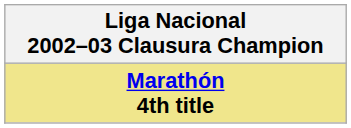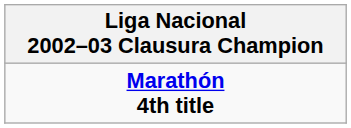 <table class="wikitable" style="text-align: center; margin: 0 auto; width: 20%">
 <tr>
 <th>Liga Nacional<br>2002–03 Clausura Champion</th>
 </tr>
 <tr>
-<td style="background: khaki;"><strong><a href='#'>Marathón</a></strong><br><strong>4th title</strong></td>
+<td><strong><a href='#'>Marathón</a></strong><br><strong>4th title</strong></td>
 </tr>
 </table>
